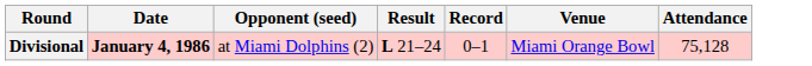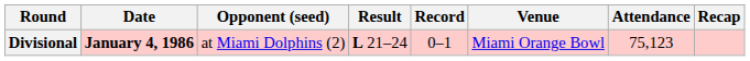 <table class="wikitable" style="text-align:center">
 <tr>
 <th>Round</th>
 <th>Date</th>
 <th>Opponent (seed)</th>
 <th>Result</th>
 <th>Record</th>
 <th>Venue</th>
 <th>Attendance</th>
+<th>Recap</th>
 </tr>
 <tr style="background:#fcc">
 <th>Divisional</th>
 <td><strong>January 4, 1986</strong></td>
 <td>at <a href='#'>Miami Dolphins</a> (2)</td>
 <td><strong>L</strong> 21–24</td>
 <td>0–1</td>
 <td><a href='#'>Miami Orange Bowl</a></td>
-<td>75,128</td>
+<td>75,123</td>
+<td></td>
 </tr>
 </table>
